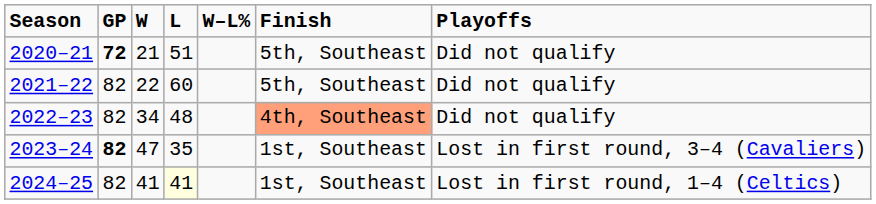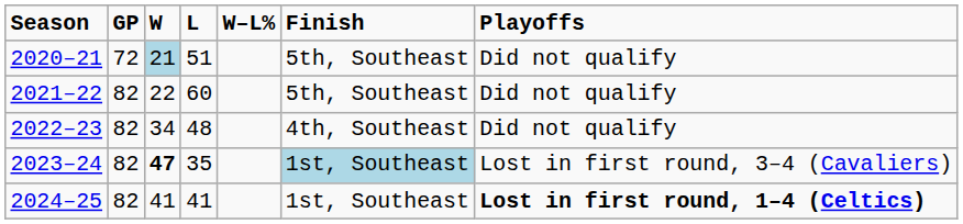 <table class="wikitable">
 <tr style="font-weight:bold; ">
 <td>Season</td>
 <td>GP</td>
 <td>W</td>
 <td>L</td>
 <td>W–L%</td>
 <td>Finish</td>
 <td>Playoffs</td>
 </tr>
 <tr>
 <td><a href='#'>2020–21</a></td>
-<td><strong>72</strong></td>
-<td>21</td>
+<td>72</td>
+<td style="background: lightblue;">21</td>
 <td>51</td>
 <td></td>
 <td>5th, Southeast</td>
 <td>Did not qualify</td>
 </tr>
 <tr>
 <td><a href='#'>2021–22</a></td>
 <td>82</td>
 <td>22</td>
 <td>60</td>
 <td></td>
 <td>5th, Southeast</td>
 <td>Did not qualify</td>
 </tr>
 <tr>
 <td><a href='#'>2022–23</a></td>
 <td>82</td>
 <td>34</td>
 <td>48</td>
 <td></td>
-<td style="background: lightsalmon;">4th, Southeast</td>
+<td>4th, Southeast</td>
 <td>Did not qualify</td>
 </tr>
 <tr>
 <td><a href='#'>2023–24</a></td>
-<td><strong>82</strong></td>
-<td>47</td>
+<td>82</td>
+<td><strong>47</strong></td>
 <td>35</td>
 <td></td>
-<td>1st, Southeast</td>
+<td style="background: lightblue;">1st, Southeast</td>
 <td>Lost in first round, 3–4 (<a href='#'>Cavaliers</a>)</td>
 </tr>
 <tr>
 <td><a href='#'>2024–25</a></td>
 <td>82</td>
 <td>41</td>
-<td style="background: lightyellow;">41</td>
+<td>41</td>
 <td></td>
 <td>1st, Southeast</td>
-<td>Lost in first round, 1–4 (<a href='#'>Celtics</a>)</td>
+<td><strong>Lost in first round, 1–4 (<a href='#'>Celtics</a>)</strong></td>
 </tr>
 </table>
